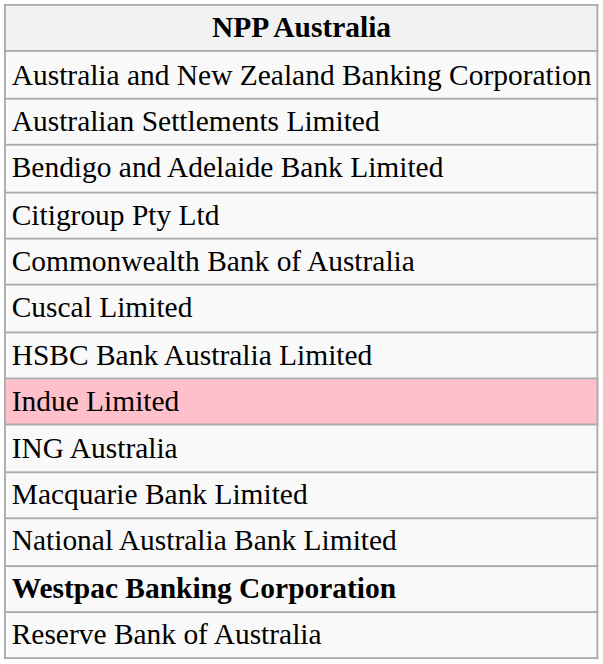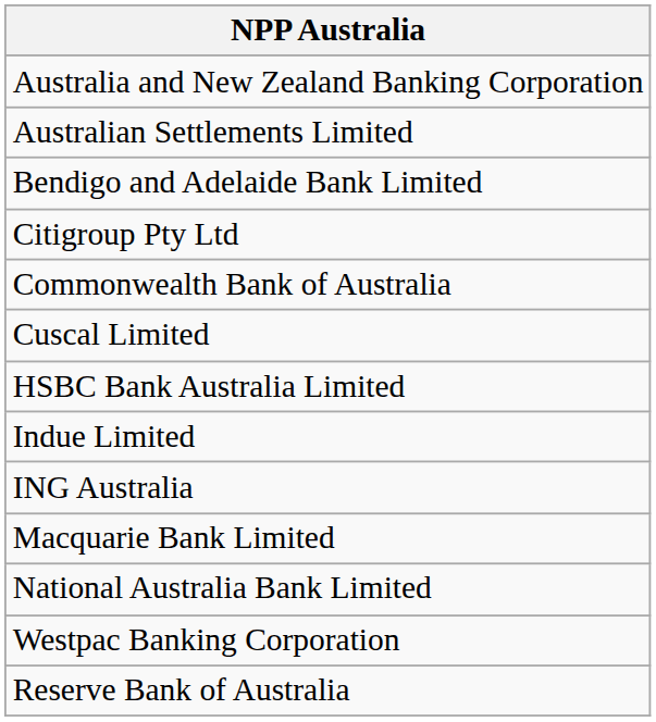 <table class="wikitable sortable">
 <tr>
 <th>NPP Australia</th>
 </tr>
 <tr>
 <td>Australia and New Zealand Banking Corporation</td>
 </tr>
 <tr>
 <td>Australian Settlements Limited</td>
 </tr>
 <tr>
 <td>Bendigo and Adelaide Bank Limited</td>
 </tr>
 <tr>
 <td>Citigroup Pty Ltd</td>
 </tr>
 <tr>
 <td>Commonwealth Bank of Australia</td>
 </tr>
 <tr>
 <td>Cuscal Limited</td>
 </tr>
 <tr>
 <td>HSBC Bank Australia Limited</td>
 </tr>
 <tr>
-<td style="background: pink;">Indue Limited</td>
+<td>Indue Limited</td>
 </tr>
 <tr>
 <td>ING Australia</td>
 </tr>
 <tr>
 <td>Macquarie Bank Limited</td>
 </tr>
 <tr>
 <td>National Australia Bank Limited</td>
 </tr>
 <tr>
-<td><strong>Westpac Banking Corporation</strong></td>
+<td>Westpac Banking Corporation</td>
 </tr>
 <tr>
 <td>Reserve Bank of Australia</td>
 </tr>
 </table>
